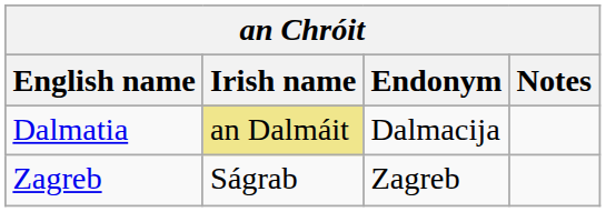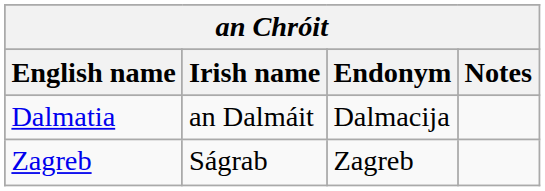 <table class="wikitable sortable">
 <tr>
 <th colspan="4"> <em>an Chróit</em></th>
 </tr>
 <tr>
 <th>English name</th>
 <th>Irish name</th>
 <th>Endonym</th>
 <th>Notes</th>
 </tr>
 <tr>
 <td><a href='#'>Dalmatia</a></td>
-<td style="background: khaki;">an Dalmáit</td>
+<td>an Dalmáit</td>
 <td>Dalmacija</td>
 <td></td>
 </tr>
 <tr>
 <td><a href='#'>Zagreb</a></td>
 <td>Ságrab</td>
 <td>Zagreb</td>
 <td></td>
 </tr>
 </table>
